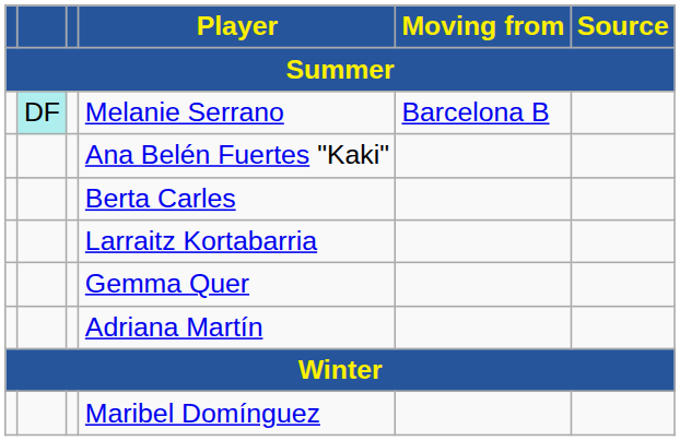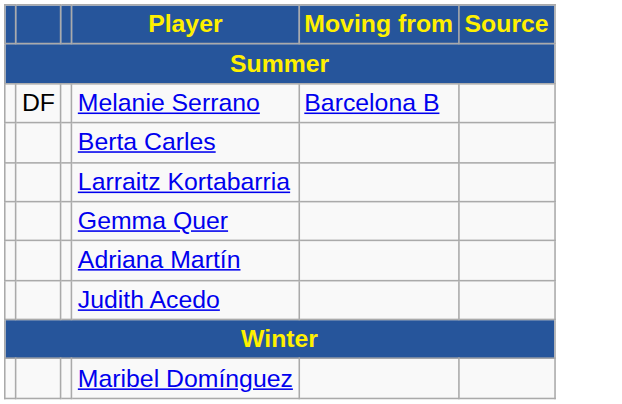 <table class="wikitable plainrowheaders sortable" style="text-align:center">
 <tr>
 <th style="background:#26559B; color:#FFF000; "></th>
 <th style="background:#26559B; color:#FFF000; "></th>
 <th style="background:#26559B; color:#FFF000; "></th>
 <th style="background:#26559B; color:#FFF000; ">Player</th>
 <th style="background:#26559B; color:#FFF000; ">Moving from</th>
 <th style="background:#26559B; color:#FFF000; ">Source</th>
 </tr>
 <tr>
 <th colspan="6" style="background:#26559B; color:#FFF000; ">Summer</th>
 </tr>
 <tr>
 <td></td>
-<td style="background: paleturquoise;">DF</td>
+<td>DF</td>
 <td></td>
 <td align="left"><a href='#'>Melanie Serrano</a></td>
 <td align="left"><a href='#'>Barcelona B</a></td>
-<td></td>
-</tr>
-<tr>
-<td></td>
-<td></td>
-<td></td>
-<td align="left"><a href='#'>Ana Belén Fuertes</a> "Kaki"</td>
-<td align="left"></td>
 <td></td>
 </tr>
 <tr>
 <td></td>
 <td></td>
 <td></td>
 <td align="left"><a href='#'>Berta Carles</a></td>
 <td align="left"></td>
 <td></td>
 </tr>
 <tr>
 <td></td>
 <td></td>
 <td></td>
 <td align="left"><a href='#'>Larraitz Kortabarria</a></td>
 <td align="left"></td>
 <td></td>
 </tr>
 <tr>
 <td></td>
 <td></td>
 <td></td>
 <td align="left"><a href='#'>Gemma Quer</a></td>
 <td align="left"></td>
 <td></td>
 </tr>
 <tr>
 <td></td>
 <td></td>
 <td></td>
 <td align="left"><a href='#'>Adriana Martín</a></td>
 <td align="left"></td>
 <td></td>
 </tr>
 <tr>
+<td></td>
+<td></td>
+<td></td>
+<td align="left"><a href='#'>Judith Acedo</a></td>
+<td align="left"></td>
+<td></td>
+</tr>
+<tr>
 <th colspan="6" style="background:#26559B; color:#FFF000; ">Winter</th>
 </tr>
 <tr>
 <td></td>
 <td></td>
 <td></td>
 <td align="left"><a href='#'>Maribel Domínguez</a></td>
 <td align="left"></td>
 <td></td>
 </tr>
 </table>
